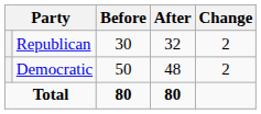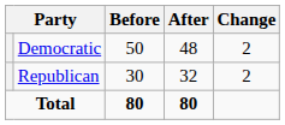 <table class="wikitable" style="text-align:center;">
 <tr>
 <th colspan="2">Party</th>
 <th>Before</th>
 <th>After</th>
 <th>Change</th>
 </tr>
 <tr>
 <th style="background-color:"></th>
-<td style="text-align:left;"><a href='#'>Republican</a></td>
-<td>30</td>
-<td>32</td>
+<td style="text-align:left;"><a href='#'>Democratic</a></td>
+<td>50</td>
+<td>48</td>
 <td> 2</td>
 </tr>
 <tr>
 <th style="background-color:"></th>
-<td style="text-align:left;"><a href='#'>Democratic</a></td>
-<td>50</td>
-<td>48</td>
+<td style="text-align:left;"><a href='#'>Republican</a></td>
+<td>30</td>
+<td>32</td>
 <td> 2</td>
 </tr>
 <tr>
 <td colspan="2"><strong>Total</strong></td>
 <td><strong>80</strong></td>
 <td><strong>80</strong></td>
 <td></td>
 </tr>
 </table>
